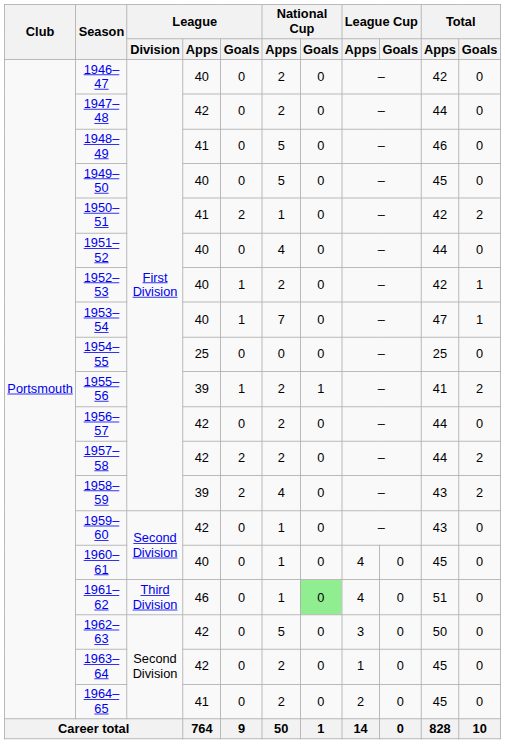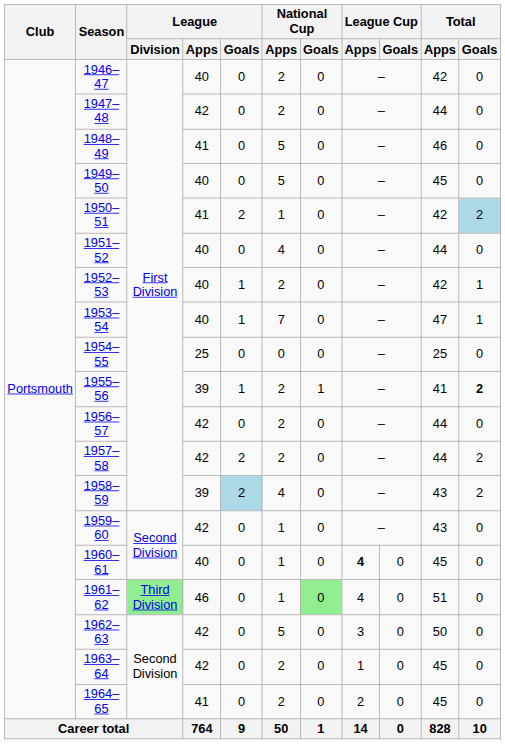 <table class="wikitable" style="text-align:center">
 <tr>
 <th rowspan="2">Club</th>
 <th rowspan="2">Season</th>
 <th colspan="3">League</th>
 <th colspan="2">National Cup</th>
 <th colspan="2">League Cup</th>
 <th colspan="2">Total</th>
 </tr>
 <tr>
 <th>Division</th>
 <th>Apps</th>
 <th>Goals</th>
 <th>Apps</th>
 <th>Goals</th>
 <th>Apps</th>
 <th>Goals</th>
 <th>Apps</th>
 <th>Goals</th>
 </tr>
 <tr>
 <td rowspan="19"><a href='#'>Portsmouth</a></td>
 <td><a href='#'>1946–47</a></td>
 <td rowspan="13"><a href='#'>First Division</a></td>
 <td>40</td>
 <td>0</td>
 <td>2</td>
 <td>0</td>
 <td colspan="2">–</td>
 <td>42</td>
 <td>0</td>
 </tr>
 <tr>
 <td><a href='#'>1947–48</a></td>
 <td>42</td>
 <td>0</td>
 <td>2</td>
 <td>0</td>
 <td colspan="2">–</td>
 <td>44</td>
 <td>0</td>
 </tr>
 <tr>
 <td><a href='#'>1948–49</a></td>
 <td>41</td>
 <td>0</td>
 <td>5</td>
 <td>0</td>
 <td colspan="2">–</td>
 <td>46</td>
 <td>0</td>
 </tr>
 <tr>
 <td><a href='#'>1949–50</a></td>
 <td>40</td>
 <td>0</td>
 <td>5</td>
 <td>0</td>
 <td colspan="2">–</td>
 <td>45</td>
 <td>0</td>
 </tr>
 <tr>
 <td><a href='#'>1950–51</a></td>
 <td>41</td>
 <td>2</td>
 <td>1</td>
 <td>0</td>
 <td colspan="2">–</td>
 <td>42</td>
-<td>2</td>
+<td style="background: lightblue;">2</td>
 </tr>
 <tr>
 <td><a href='#'>1951–52</a></td>
 <td>40</td>
 <td>0</td>
 <td>4</td>
 <td>0</td>
 <td colspan="2">–</td>
 <td>44</td>
 <td>0</td>
 </tr>
 <tr>
 <td><a href='#'>1952–53</a></td>
 <td>40</td>
 <td>1</td>
 <td>2</td>
 <td>0</td>
 <td colspan="2">–</td>
 <td>42</td>
 <td>1</td>
 </tr>
 <tr>
 <td><a href='#'>1953–54</a></td>
 <td>40</td>
 <td>1</td>
 <td>7</td>
 <td>0</td>
 <td colspan="2">–</td>
 <td>47</td>
 <td>1</td>
 </tr>
 <tr>
 <td><a href='#'>1954–55</a></td>
 <td>25</td>
 <td>0</td>
 <td>0</td>
 <td>0</td>
 <td colspan="2">–</td>
 <td>25</td>
 <td>0</td>
 </tr>
 <tr>
 <td><a href='#'>1955–56</a></td>
 <td>39</td>
 <td>1</td>
 <td>2</td>
 <td>1</td>
 <td colspan="2">–</td>
 <td>41</td>
-<td>2</td>
+<td><strong>2</strong></td>
 </tr>
 <tr>
 <td><a href='#'>1956–57</a></td>
 <td>42</td>
 <td>0</td>
 <td>2</td>
 <td>0</td>
 <td colspan="2">–</td>
 <td>44</td>
 <td>0</td>
 </tr>
 <tr>
 <td><a href='#'>1957–58</a></td>
 <td>42</td>
 <td>2</td>
 <td>2</td>
 <td>0</td>
 <td colspan="2">–</td>
 <td>44</td>
 <td>2</td>
 </tr>
 <tr>
 <td><a href='#'>1958–59</a></td>
 <td>39</td>
-<td>2</td>
+<td style="background: lightblue;">2</td>
 <td>4</td>
 <td>0</td>
 <td colspan="2">–</td>
 <td>43</td>
 <td>2</td>
 </tr>
 <tr>
 <td><a href='#'>1959–60</a></td>
 <td rowspan="2"><a href='#'>Second Division</a></td>
 <td>42</td>
 <td>0</td>
 <td>1</td>
 <td>0</td>
 <td colspan="2">–</td>
 <td>43</td>
 <td>0</td>
 </tr>
 <tr>
 <td><a href='#'>1960–61</a></td>
 <td>40</td>
 <td>0</td>
 <td>1</td>
 <td>0</td>
-<td>4</td>
+<td><strong>4</strong></td>
 <td>0</td>
 <td>45</td>
 <td>0</td>
 </tr>
 <tr>
 <td><a href='#'>1961–62</a></td>
-<td><a href='#'>Third Division</a></td>
+<td style="background: lightgreen;"><a href='#'>Third Division</a></td>
 <td>46</td>
 <td>0</td>
 <td>1</td>
 <td style="background: lightgreen;">0</td>
 <td>4</td>
 <td>0</td>
 <td>51</td>
 <td>0</td>
 </tr>
 <tr>
 <td><a href='#'>1962–63</a></td>
 <td rowspan="3">Second Division</td>
 <td>42</td>
 <td>0</td>
 <td>5</td>
 <td>0</td>
 <td>3</td>
 <td>0</td>
 <td>50</td>
 <td>0</td>
 </tr>
 <tr>
 <td><a href='#'>1963–64</a></td>
 <td>42</td>
 <td>0</td>
 <td>2</td>
 <td>0</td>
 <td>1</td>
 <td>0</td>
 <td>45</td>
 <td>0</td>
 </tr>
 <tr>
 <td><a href='#'>1964–65</a></td>
 <td>41</td>
 <td>0</td>
 <td>2</td>
 <td>0</td>
 <td>2</td>
 <td>0</td>
 <td>45</td>
 <td>0</td>
 </tr>
 <tr>
 <th colspan="3">Career total</th>
 <th>764</th>
 <th>9</th>
 <th>50</th>
 <th>1</th>
 <th>14</th>
 <th>0</th>
 <th>828</th>
 <th>10</th>
 </tr>
 </table>
